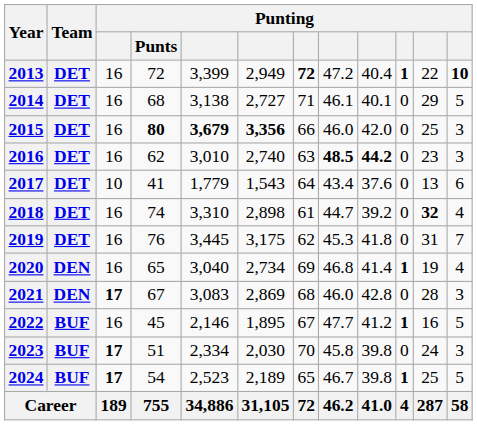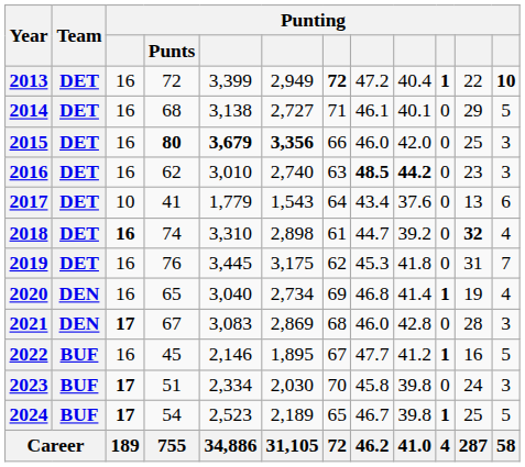 <table class=wikitable style="text-align:center;">
 <tr>
 <th rowspan="2">Year</th>
 <th rowspan="2">Team</th>
 <th colspan="10">Punting</th>
 </tr>
 <tr>
 <th></th>
 <th>Punts</th>
 <th></th>
 <th></th>
 <th></th>
 <th></th>
 <th></th>
 <th></th>
 <th></th>
 <th></th>
 </tr>
 <tr>
 <th><a href='#'>2013</a></th>
 <th><a href='#'>DET</a></th>
 <td>16</td>
 <td>72</td>
 <td>3,399</td>
 <td>2,949</td>
 <td><strong>72</strong></td>
 <td>47.2</td>
 <td>40.4</td>
 <td><strong>1</strong></td>
 <td>22</td>
 <td><strong>10</strong></td>
 </tr>
 <tr>
 <th><a href='#'>2014</a></th>
 <th><a href='#'>DET</a></th>
 <td>16</td>
 <td>68</td>
 <td>3,138</td>
 <td>2,727</td>
 <td>71</td>
 <td>46.1</td>
 <td>40.1</td>
 <td>0</td>
 <td>29</td>
 <td>5</td>
 </tr>
 <tr>
 <th><a href='#'>2015</a></th>
 <th><a href='#'>DET</a></th>
 <td>16</td>
 <td><strong>80</strong></td>
 <td><strong>3,679</strong></td>
 <td><strong>3,356</strong></td>
 <td>66</td>
 <td>46.0</td>
 <td>42.0</td>
 <td>0</td>
 <td>25</td>
 <td>3</td>
 </tr>
 <tr>
 <th><a href='#'>2016</a></th>
 <th><a href='#'>DET</a></th>
 <td>16</td>
 <td>62</td>
 <td>3,010</td>
 <td>2,740</td>
 <td>63</td>
 <td><strong>48.5</strong></td>
 <td><strong>44.2</strong></td>
 <td>0</td>
 <td>23</td>
 <td>3</td>
 </tr>
 <tr>
 <th><a href='#'>2017</a></th>
 <th><a href='#'>DET</a></th>
 <td>10</td>
 <td>41</td>
 <td>1,779</td>
 <td>1,543</td>
 <td>64</td>
 <td>43.4</td>
 <td>37.6</td>
 <td>0</td>
 <td>13</td>
 <td>6</td>
 </tr>
 <tr>
 <th><a href='#'>2018</a></th>
 <th><a href='#'>DET</a></th>
-<td>16</td>
+<td><strong>16</strong></td>
 <td>74</td>
 <td>3,310</td>
 <td>2,898</td>
 <td>61</td>
 <td>44.7</td>
 <td>39.2</td>
 <td>0</td>
 <td><strong>32</strong></td>
 <td>4</td>
 </tr>
 <tr>
 <th><a href='#'>2019</a></th>
 <th><a href='#'>DET</a></th>
 <td>16</td>
 <td>76</td>
 <td>3,445</td>
 <td>3,175</td>
 <td>62</td>
 <td>45.3</td>
 <td>41.8</td>
 <td>0</td>
 <td>31</td>
 <td>7</td>
 </tr>
 <tr>
 <th><a href='#'>2020</a></th>
 <th><a href='#'>DEN</a></th>
 <td>16</td>
 <td>65</td>
 <td>3,040</td>
 <td>2,734</td>
 <td>69</td>
 <td>46.8</td>
 <td>41.4</td>
 <td><strong>1</strong></td>
 <td>19</td>
 <td>4</td>
 </tr>
 <tr>
 <th><a href='#'>2021</a></th>
 <th><a href='#'>DEN</a></th>
 <td><strong>17</strong></td>
 <td>67</td>
 <td>3,083</td>
 <td>2,869</td>
 <td>68</td>
 <td>46.0</td>
 <td>42.8</td>
 <td>0</td>
 <td>28</td>
 <td>3</td>
 </tr>
 <tr>
 <th><a href='#'>2022</a></th>
 <th><a href='#'>BUF</a></th>
 <td>16</td>
 <td>45</td>
 <td>2,146</td>
 <td>1,895</td>
 <td>67</td>
 <td>47.7</td>
 <td>41.2</td>
 <td><strong>1</strong></td>
 <td>16</td>
 <td>5</td>
 </tr>
 <tr>
 <th><a href='#'>2023</a></th>
 <th><a href='#'>BUF</a></th>
 <td><strong>17</strong></td>
 <td>51</td>
 <td>2,334</td>
 <td>2,030</td>
 <td>70</td>
 <td>45.8</td>
 <td>39.8</td>
 <td>0</td>
 <td>24</td>
 <td>3</td>
 </tr>
 <tr>
 <th><a href='#'>2024</a></th>
 <th><a href='#'>BUF</a></th>
 <td><strong>17</strong></td>
 <td>54</td>
 <td>2,523</td>
 <td>2,189</td>
 <td>65</td>
 <td>46.7</td>
 <td>39.8</td>
 <td><strong>1</strong></td>
 <td>25</td>
 <td>5</td>
 </tr>
 <tr>
 <th colspan="2">Career</th>
 <th>189</th>
 <th>755</th>
 <th><strong>34,886</strong></th>
 <th><strong>31,105</strong></th>
 <th>72</th>
 <th>46.2</th>
 <th>41.0</th>
 <th>4</th>
 <th>287</th>
 <th>58</th>
 </tr>
 </table>
